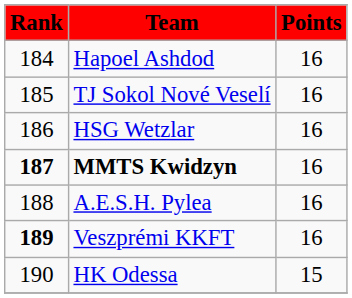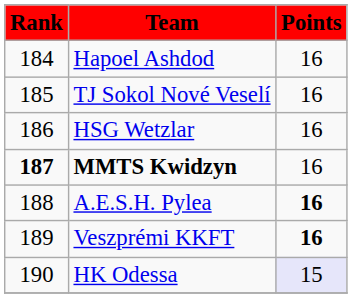 <table class="wikitable" style="text-align: center">
 <tr>
 <th style="color:#000000; background:#FF0000">Rank</th>
 <th style="color:#000000; background:#FF0000">Team</th>
 <th style="color:#000000; background:#FF0000">Points</th>
 </tr>
 <tr>
 <td>184</td>
 <td align=left> <a href='#'>Hapoel Ashdod</a></td>
 <td>16</td>
 </tr>
 <tr>
 <td>185</td>
 <td align=left> <a href='#'>TJ Sokol Nové Veselí</a></td>
 <td>16</td>
 </tr>
 <tr>
 <td>186</td>
 <td align=left> <a href='#'>HSG Wetzlar</a></td>
 <td>16</td>
 </tr>
 <tr>
 <td><strong>187</strong></td>
 <td align=left> <strong>MMTS Kwidzyn</strong></td>
 <td>16</td>
 </tr>
 <tr>
 <td>188</td>
 <td align=left> <a href='#'>A.E.S.H. Pylea</a></td>
-<td>16</td>
+<td><strong>16</strong></td>
 </tr>
 <tr>
-<td><strong>189</strong></td>
+<td>189</td>
 <td align=left> <a href='#'>Veszprémi KKFT</a></td>
-<td>16</td>
+<td><strong>16</strong></td>
 </tr>
 <tr>
 <td>190</td>
 <td align=left> <a href='#'>HK Odessa</a></td>
-<td>15</td>
+<td style="background: lavender;">15</td>
 </tr>
 <tr>
 </tr>
 </table>
